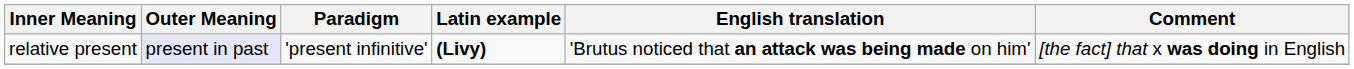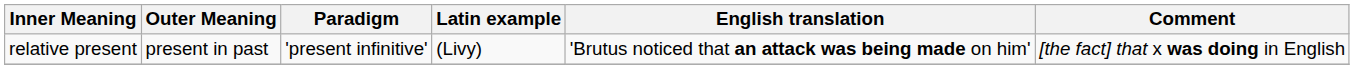 <table class="wikitable">
 <tr>
 <th>Inner Meaning</th>
 <th>Outer Meaning</th>
 <th>Paradigm</th>
 <th>Latin example</th>
 <th>English translation</th>
 <th>Comment</th>
 </tr>
 <tr>
 <td rowspan=1>relative present</td>
-<td rowspan=1 style="background: lavender;">present in past</td>
+<td rowspan=1>present in past</td>
 <td rowspan=1>'present infinitive'</td>
-<td><strong> (Livy)</strong></td>
+<td> (Livy)</td>
 <td>'Brutus noticed that <strong>an attack was being made</strong> on him'</td>
 <td rowspan=1><em>[the fact] that</em> x <strong>was doing</strong> in English</td>
 </tr>
 <tr>
 </tr>
 </table>
